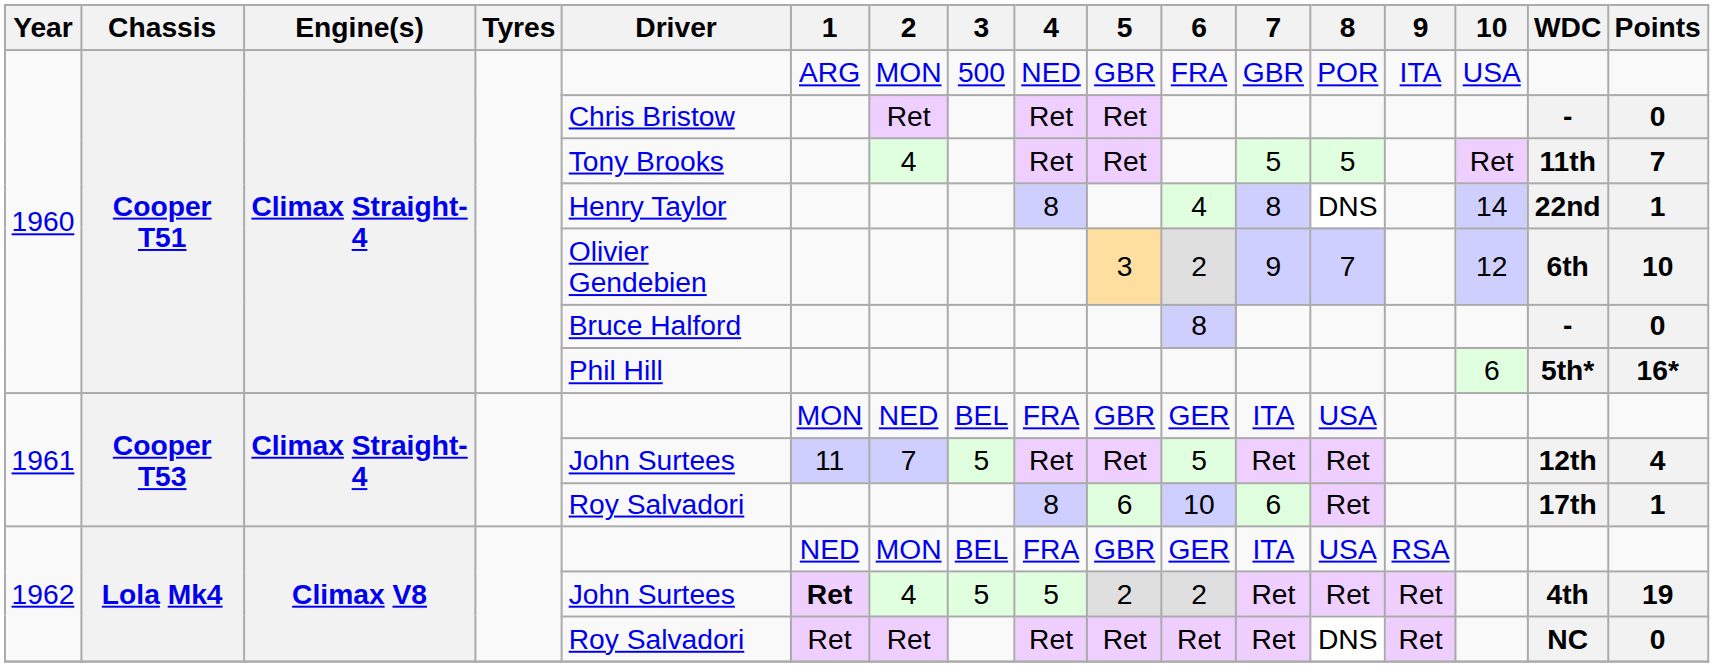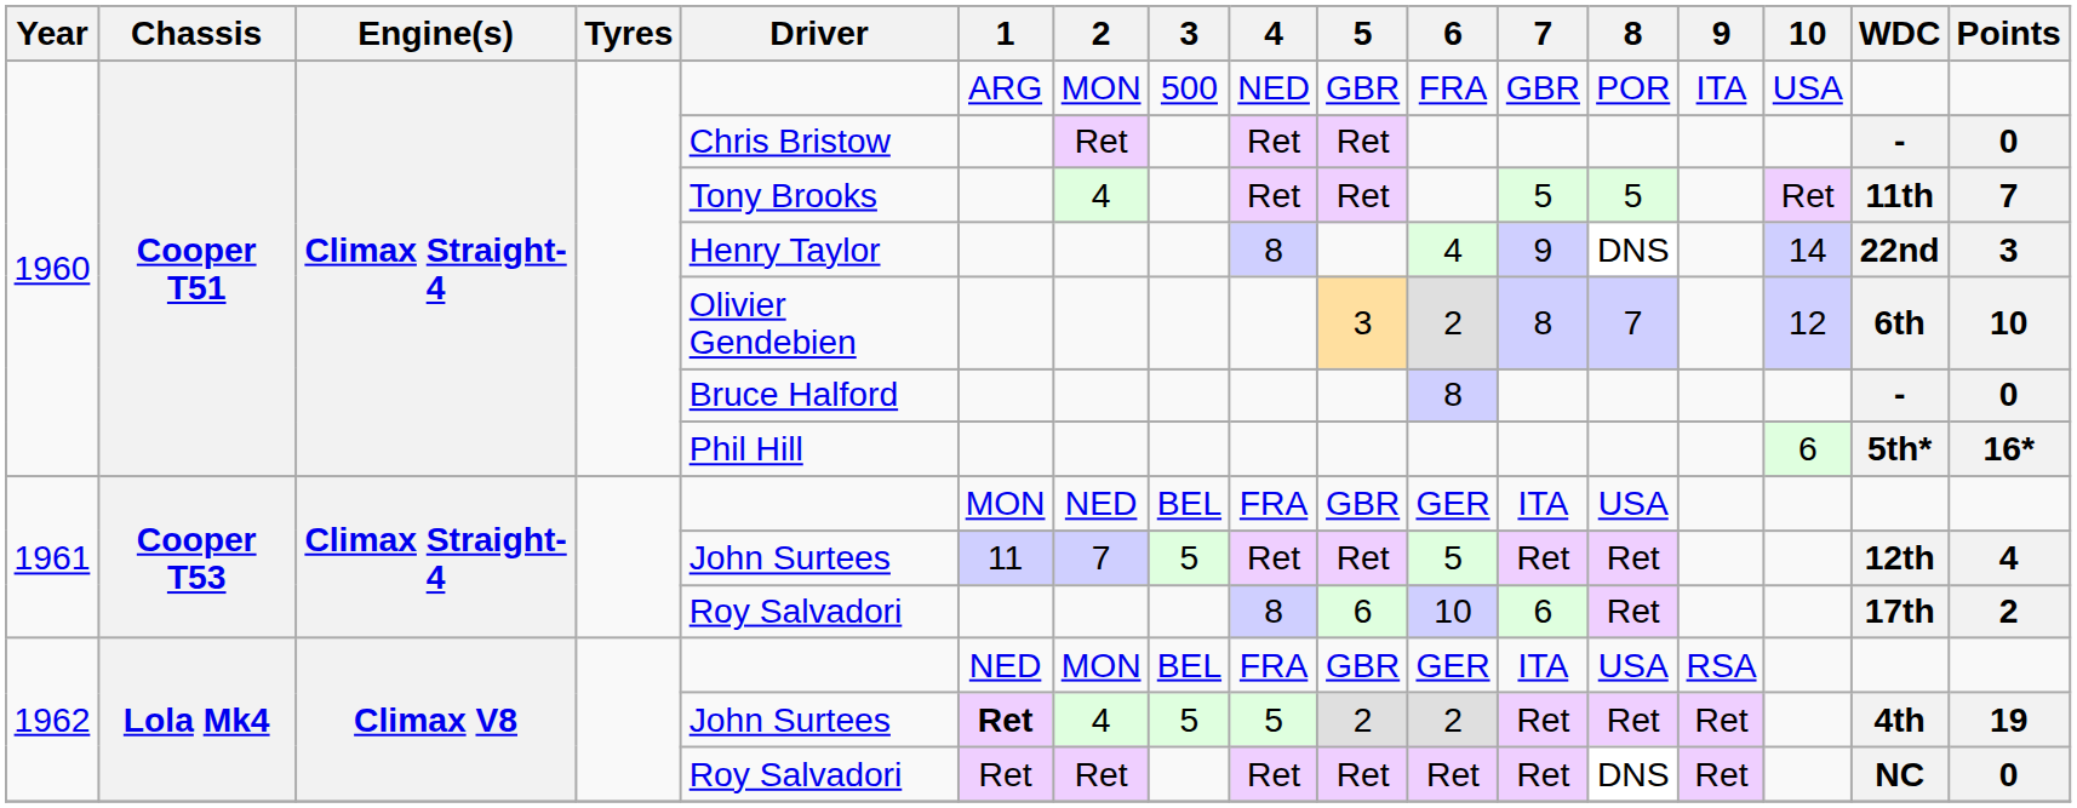 <table class="wikitable" style="text-align:center; font-size:90%">
 <tr>
 <th>Year</th>
 <th>Chassis</th>
 <th>Engine(s)</th>
 <th>Tyres</th>
 <th>Driver</th>
 <th>1</th>
 <th>2</th>
 <th>3</th>
 <th>4</th>
 <th>5</th>
 <th>6</th>
 <th>7</th>
 <th>8</th>
 <th>9</th>
 <th>10</th>
 <th>WDC</th>
 <th>Points</th>
 </tr>
 <tr>
 <td rowspan="7"><a href='#'>1960</a></td>
 <th rowspan="7"><a href='#'>Cooper</a> <a href='#'>T51</a></th>
 <th rowspan="7"><a href='#'>Climax</a> <a href='#'>Straight-4</a></th>
 <td rowspan="7"></td>
 <td></td>
 <td><a href='#'>ARG</a></td>
 <td><a href='#'>MON</a></td>
 <td><a href='#'>500</a></td>
 <td><a href='#'>NED</a></td>
 <td><a href='#'>GBR</a></td>
 <td><a href='#'>FRA</a></td>
 <td><a href='#'>GBR</a></td>
 <td><a href='#'>POR</a></td>
 <td><a href='#'>ITA</a></td>
 <td><a href='#'>USA</a></td>
 <td></td>
 <td></td>
 </tr>
 <tr>
 <td align="left"> <a href='#'>Chris Bristow</a></td>
 <td></td>
 <td style="background:#EFCFFF;">Ret</td>
 <td></td>
 <td style="background:#EFCFFF;">Ret</td>
 <td style="background:#EFCFFF;">Ret</td>
 <td></td>
 <td></td>
 <td></td>
 <td></td>
 <td></td>
 <th>-</th>
 <th>0</th>
 </tr>
 <tr>
 <td align="left"> <a href='#'>Tony Brooks</a></td>
 <td></td>
 <td style="background:#DFFFDF;">4</td>
 <td></td>
 <td style="background:#EFCFFF;">Ret</td>
 <td style="background:#EFCFFF;">Ret</td>
 <td></td>
 <td style="background:#DFFFDF;">5</td>
 <td style="background:#DFFFDF;">5</td>
 <td></td>
 <td style="background:#EFCFFF;">Ret</td>
 <th>11th</th>
 <th>7</th>
 </tr>
 <tr>
 <td align="left"> <a href='#'>Henry Taylor</a></td>
 <td></td>
 <td></td>
 <td></td>
 <td style="background:#CFCFFF;">8</td>
 <td></td>
 <td style="background:#DFFFDF;">4</td>
-<td style="background:#CFCFFF;">8</td>
+<td style="background:#CFCFFF;">9</td>
 <td style="background:#FFFFFF;">DNS</td>
 <td></td>
 <td style="background:#CFCFFF;">14</td>
 <th>22nd</th>
-<th>1</th>
+<th>3</th>
 </tr>
 <tr>
 <td align="left"> <a href='#'>Olivier Gendebien</a></td>
 <td></td>
 <td></td>
 <td></td>
 <td></td>
 <td style="background:#FFDF9F;">3</td>
 <td style="background:#DFDFDF;">2</td>
-<td style="background:#CFCFFF;">9</td>
+<td style="background:#CFCFFF;">8</td>
 <td style="background:#CFCFFF;">7</td>
 <td></td>
 <td style="background:#CFCFFF;">12</td>
 <th>6th</th>
 <th>10</th>
 </tr>
 <tr>
 <td align="left"> <a href='#'>Bruce Halford</a></td>
 <td></td>
 <td></td>
 <td></td>
 <td></td>
 <td></td>
 <td style="background:#CFCFFF;">8</td>
 <td></td>
 <td></td>
 <td></td>
 <td></td>
 <th>-</th>
 <th>0</th>
 </tr>
 <tr>
 <td align="left"> <a href='#'>Phil Hill</a></td>
 <td></td>
 <td></td>
 <td></td>
 <td></td>
 <td></td>
 <td></td>
 <td></td>
 <td></td>
 <td></td>
 <td style="background:#DFFFDF;">6</td>
 <th>5th*</th>
 <th>16*</th>
 </tr>
 <tr>
 <td rowspan="3"><a href='#'>1961</a></td>
 <th rowspan="3"><a href='#'>Cooper</a> <a href='#'>T53</a></th>
 <th rowspan="3"><a href='#'>Climax</a> <a href='#'>Straight-4</a></th>
 <td rowspan="3"></td>
 <td></td>
 <td><a href='#'>MON</a></td>
 <td><a href='#'>NED</a></td>
 <td><a href='#'>BEL</a></td>
 <td><a href='#'>FRA</a></td>
 <td><a href='#'>GBR</a></td>
 <td><a href='#'>GER</a></td>
 <td><a href='#'>ITA</a></td>
 <td><a href='#'>USA</a></td>
 <td></td>
 <td></td>
 <td></td>
 <td></td>
 </tr>
 <tr>
 <td align="left"> <a href='#'>John Surtees</a></td>
 <td style="background:#CFCFFF;">11</td>
 <td style="background:#CFCFFF;">7</td>
 <td style="background:#DFFFDF;">5</td>
 <td style="background:#EFCFFF;">Ret</td>
 <td style="background:#EFCFFF;">Ret</td>
 <td style="background:#DFFFDF;">5</td>
 <td style="background:#EFCFFF;">Ret</td>
 <td style="background:#EFCFFF;">Ret</td>
 <td></td>
 <td></td>
 <th>12th</th>
 <th>4</th>
 </tr>
 <tr>
 <td align="left"> <a href='#'>Roy Salvadori</a></td>
 <td></td>
 <td></td>
 <td></td>
 <td style="background:#CFCFFF;">8</td>
 <td style="background:#DFFFDF;">6</td>
 <td style="background:#CFCFFF;">10</td>
 <td style="background:#DFFFDF;">6</td>
 <td style="background:#EFCFFF;">Ret</td>
 <td></td>
 <td></td>
 <th>17th</th>
-<th>1</th>
+<th>2</th>
 </tr>
 <tr>
 <td rowspan="3"><a href='#'>1962</a></td>
 <th rowspan="3"><a href='#'>Lola</a> <a href='#'>Mk4</a></th>
 <th rowspan="3"><a href='#'>Climax</a> <a href='#'>V8</a></th>
 <td rowspan="3"></td>
 <td></td>
 <td><a href='#'>NED</a></td>
 <td><a href='#'>MON</a></td>
 <td><a href='#'>BEL</a></td>
 <td><a href='#'>FRA</a></td>
 <td><a href='#'>GBR</a></td>
 <td><a href='#'>GER</a></td>
 <td><a href='#'>ITA</a></td>
 <td><a href='#'>USA</a></td>
 <td><a href='#'>RSA</a></td>
 <td></td>
 <td></td>
 <td></td>
 </tr>
 <tr>
 <td align="left"> <a href='#'>John Surtees</a></td>
 <td style="background:#EFCFFF;"><strong>Ret</strong></td>
 <td style="background:#DFFFDF;">4</td>
 <td style="background:#DFFFDF;">5</td>
 <td style="background:#DFFFDF;">5</td>
 <td style="background:#DFDFDF;">2</td>
 <td style="background:#DFDFDF;">2</td>
 <td style="background:#EFCFFF;">Ret</td>
 <td style="background:#EFCFFF;">Ret</td>
 <td style="background:#EFCFFF;">Ret</td>
 <td></td>
 <th>4th</th>
 <th>19</th>
 </tr>
 <tr>
 <td align="left"> <a href='#'>Roy Salvadori</a></td>
 <td style="background:#EFCFFF;">Ret</td>
 <td style="background:#EFCFFF;">Ret</td>
 <td></td>
 <td style="background:#EFCFFF;">Ret</td>
 <td style="background:#EFCFFF;">Ret</td>
 <td style="background:#EFCFFF;">Ret</td>
 <td style="background:#EFCFFF;">Ret</td>
 <td style="background:#FFFFFF;">DNS</td>
 <td style="background:#EFCFFF;">Ret</td>
 <td></td>
 <th>NC</th>
 <th>0</th>
 </tr>
 <tr>
 </tr>
 </table>
